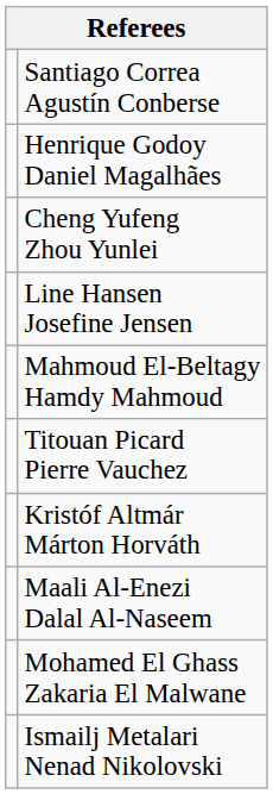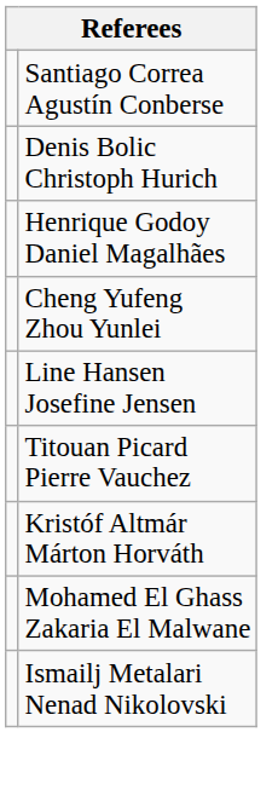 <table class="wikitable" style="display: inline-table;">
 <tr>
 <th colspan="2">Referees</th>
 </tr>
 <tr>
 <td></td>
 <td>Santiago Correa<br>Agustín Conberse</td>
+</tr>
+<tr>
+<td></td>
+<td>Denis Bolic<br>Christoph Hurich</td>
 </tr>
 <tr>
 <td></td>
 <td>Henrique Godoy<br>Daniel Magalhães</td>
 </tr>
 <tr>
 <td></td>
 <td>Cheng Yufeng<br>Zhou Yunlei</td>
 </tr>
 <tr>
 <td></td>
 <td>Line Hansen<br>Josefine Jensen</td>
 </tr>
 <tr>
 <td></td>
-<td>Mahmoud El-Beltagy<br>Hamdy Mahmoud</td>
-</tr>
-<tr>
-<td></td>
 <td>Titouan Picard<br>Pierre Vauchez</td>
 </tr>
 <tr>
 <td></td>
 <td>Kristóf Altmár<br>Márton Horváth</td>
-</tr>
-<tr>
-<td></td>
-<td>Maali Al-Enezi<br>Dalal Al-Naseem</td>
 </tr>
 <tr>
 <td></td>
 <td>Mohamed El Ghass<br>Zakaria El Malwane</td>
 </tr>
 <tr>
 <td></td>
 <td>Ismailj Metalari<br>Nenad Nikolovski</td>
 </tr>
 </table>
